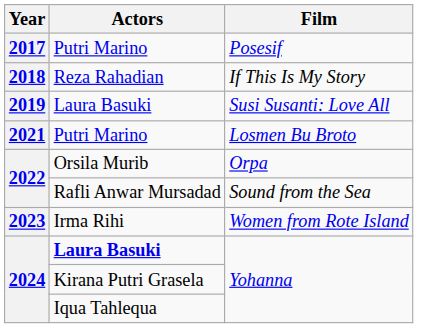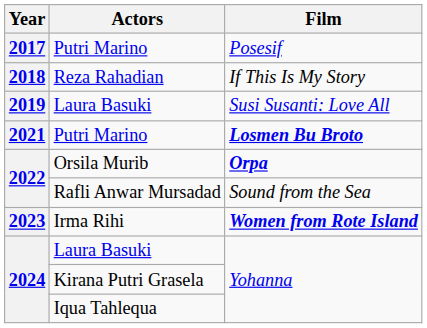 <table class="wikitable plainrowheaders">
 <tr>
 <th>Year</th>
 <th>Actors</th>
 <th>Film</th>
 </tr>
 <tr>
 <th scope="row"><a href='#'>2017</a></th>
 <td><a href='#'>Putri Marino</a></td>
 <td><em><a href='#'>Posesif</a></em></td>
 </tr>
 <tr>
 <th scope="row"><a href='#'>2018</a></th>
 <td><a href='#'>Reza Rahadian</a></td>
 <td><em>If This Is My Story</em></td>
 </tr>
 <tr>
 <th scope="row"><a href='#'>2019</a></th>
 <td><a href='#'>Laura Basuki</a></td>
 <td><em><a href='#'>Susi Susanti: Love All</a></em></td>
 </tr>
 <tr>
 <th scope="row"><a href='#'>2021</a></th>
 <td><a href='#'>Putri Marino</a></td>
-<td><em><a href='#'>Losmen Bu Broto</a></em></td>
+<td><strong><em><a href='#'>Losmen Bu Broto</a></em></strong></td>
 </tr>
 <tr>
 <th scope="row" rowspan="2"><a href='#'>2022</a></th>
 <td>Orsila Murib</td>
-<td><em><a href='#'>Orpa</a></em></td>
+<td><strong><em><a href='#'>Orpa</a></em></strong></td>
 </tr>
 <tr>
 <td>Rafli Anwar Mursadad</td>
 <td><em>Sound from the Sea</em></td>
 </tr>
 <tr>
 <th scope="row"><a href='#'>2023</a></th>
 <td>Irma Rihi</td>
-<td><em><a href='#'>Women from Rote Island</a></em></td>
+<td><strong><em><a href='#'>Women from Rote Island</a></em></strong></td>
 </tr>
 <tr>
 <th scope="row" rowspan="3"><a href='#'>2024</a></th>
-<td><strong><a href='#'>Laura Basuki</a></strong></td>
+<td><a href='#'>Laura Basuki</a></td>
 <td rowspan="3"><em><a href='#'>Yohanna</a></em></td>
 </tr>
 <tr>
 <td>Kirana Putri Grasela</td>
 </tr>
 <tr>
 <td>Iqua Tahlequa</td>
 </tr>
 </table>
